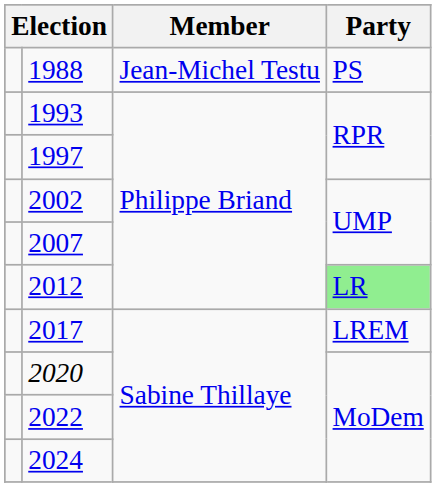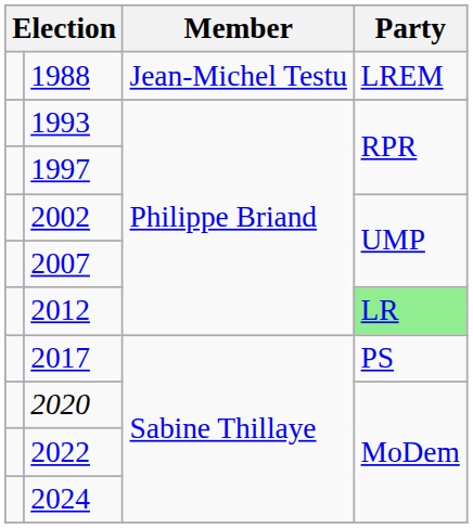 <table class="wikitable">
 <tr>
 <th colspan="2">Election</th>
 <th>Member</th>
 <th>Party</th>
 </tr>
 <tr>
 <td style="color:inherit;background-color:"></td>
 <td><a href='#'>1988</a></td>
 <td><a href='#'>Jean-Michel Testu</a></td>
-<td><a href='#'>PS</a></td>
+<td><a href='#'>LREM</a></td>
 </tr>
 <tr>
 <td style="color:inherit;background-color:"></td>
 <td><a href='#'>1993</a></td>
 <td rowspan="5"><a href='#'>Philippe Briand</a><br>   </td>
 <td rowspan="2"><a href='#'>RPR</a></td>
 </tr>
 <tr>
 <td style="color:inherit;background-color:"></td>
 <td><a href='#'>1997</a></td>
 </tr>
 <tr>
 <td style="color:inherit;background-color:"></td>
 <td><a href='#'>2002</a></td>
 <td rowspan="2"><a href='#'>UMP</a></td>
 </tr>
 <tr>
 <td style="color:inherit;background-color:"></td>
 <td><a href='#'>2007</a></td>
 </tr>
 <tr>
 <td style="color:inherit;background-color:"></td>
 <td><a href='#'>2012</a></td>
 <td style="background: lightgreen;"><a href='#'>LR</a></td>
 </tr>
 <tr>
 <td style="color:inherit;background-color: "></td>
 <td><a href='#'>2017</a></td>
 <td rowspan="4"><a href='#'>Sabine Thillaye</a></td>
-<td><a href='#'>LREM</a></td>
+<td><a href='#'>PS</a></td>
 </tr>
 <tr>
 <td style="color:inherit;background-color: "></td>
 <td><em>2020</em></td>
 <td rowspan="3"><a href='#'>MoDem</a></td>
 </tr>
 <tr>
 <td style="color:inherit;background-color: "></td>
 <td><a href='#'>2022</a></td>
 </tr>
 <tr>
 <td style="color:inherit;background-color: "></td>
 <td><a href='#'>2024</a></td>
 </tr>
 </table>
